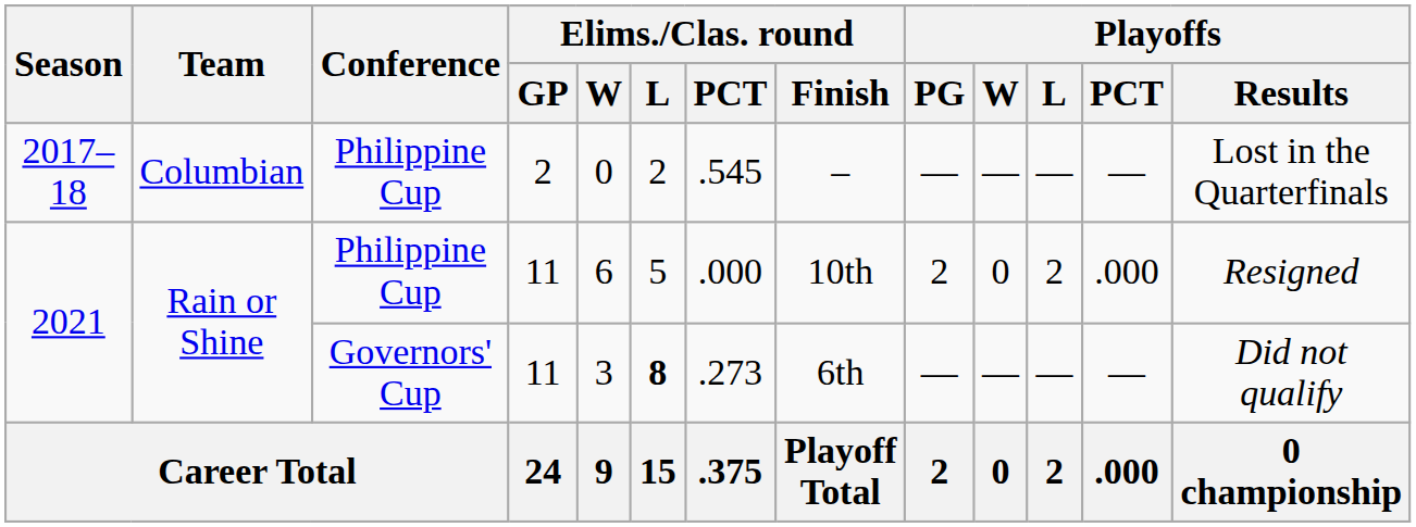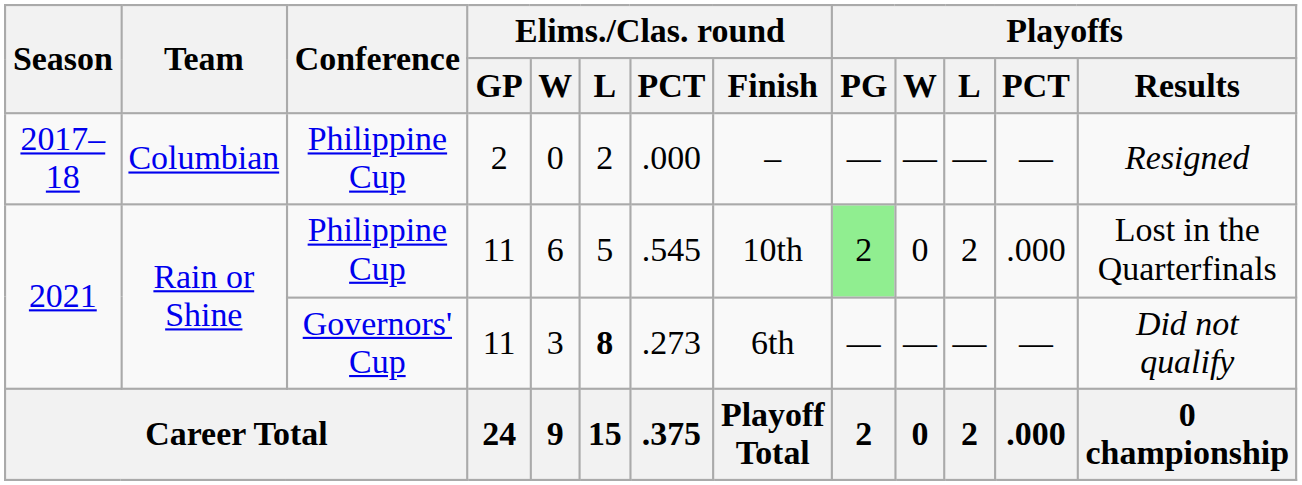 <table class="wikitable" style="text-align:center">
 <tr>
 <th rowspan="2">Season</th>
 <th rowspan="2">Team</th>
 <th rowspan="2">Conference</th>
 <th colspan="5">Elims./Clas. round</th>
 <th colspan="5">Playoffs</th>
 </tr>
 <tr>
 <th>GP</th>
 <th>W</th>
 <th>L</th>
 <th>PCT</th>
 <th>Finish</th>
 <th>PG</th>
 <th>W</th>
 <th>L</th>
 <th>PCT</th>
 <th>Results</th>
 </tr>
 <tr>
 <td><a href='#'>2017–18</a></td>
 <td><a href='#'>Columbian</a></td>
 <td><a href='#'>Philippine Cup</a></td>
 <td>2</td>
 <td>0</td>
 <td>2</td>
-<td>.545</td>
+<td>.000</td>
 <td>–</td>
 <td>—</td>
 <td>—</td>
 <td>—</td>
 <td>—</td>
-<td>Lost in the Quarterfinals</td>
+<td><em>Resigned</em></td>
 </tr>
 <tr>
 <td rowspan="2"><a href='#'>2021</a></td>
 <td rowspan="2"><a href='#'>Rain or Shine</a></td>
 <td><a href='#'>Philippine Cup</a></td>
 <td>11</td>
 <td>6</td>
 <td>5</td>
-<td>.000</td>
+<td>.545</td>
 <td>10th</td>
-<td>2</td>
+<td style="background: lightgreen;">2</td>
 <td>0</td>
 <td>2</td>
 <td>.000</td>
-<td><em>Resigned</em></td>
+<td>Lost in the Quarterfinals</td>
 </tr>
 <tr>
 <td><a href='#'>Governors' Cup</a></td>
 <td>11</td>
 <td>3</td>
 <td><strong>8</strong></td>
 <td>.273</td>
 <td>6th</td>
 <td>—</td>
 <td>—</td>
 <td>—</td>
 <td>—</td>
 <td><em>Did not qualify</em></td>
 </tr>
 <tr>
 <th colspan="3"><strong>Career Total</strong></th>
 <th><strong>24</strong></th>
 <th><strong>9</strong></th>
 <th><strong>15</strong></th>
 <th><strong>.375</strong></th>
 <th>Playoff Total</th>
 <th>2</th>
 <th>0</th>
 <th>2</th>
 <th>.000</th>
 <th><strong>0 championship</strong></th>
 </tr>
 </table>
